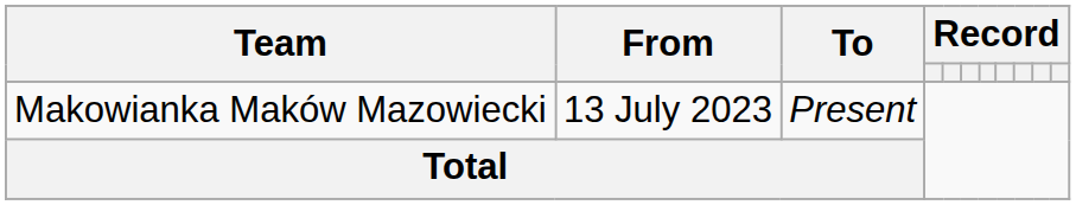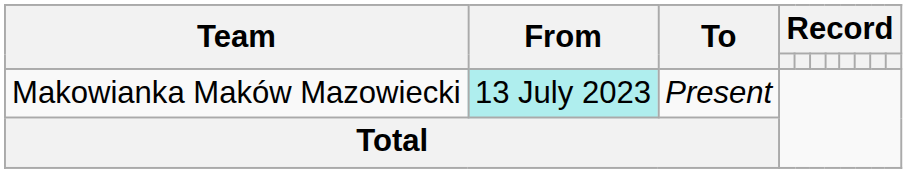 <table class="wikitable" style="text-align: center;">
 <tr>
 <th rowspan="2">Team</th>
 <th rowspan="2">From</th>
 <th rowspan="2">To</th>
 <th colspan="8">Record</th>
 </tr>
 <tr>
 <th></th>
 <th></th>
 <th></th>
 <th></th>
 <th></th>
 <th></th>
 <th></th>
 <th></th>
 </tr>
 <tr>
 <td align=left>Makowianka Maków Mazowiecki</td>
-<td align=left>13 July 2023</td>
+<td align=left style="background: paleturquoise;">13 July 2023</td>
 <td align=left><em>Present</em><br></td>
 </tr>
 <tr>
 <th colspan="3">Total<br></th>
 </tr>
 </table>
